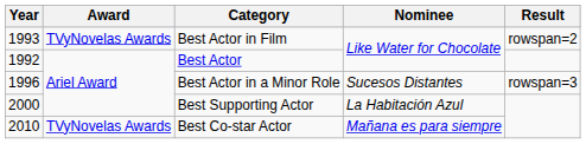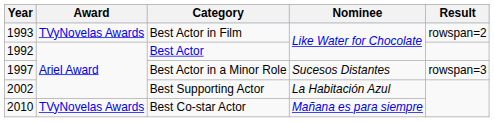 <table class="wikitable">
 <tr style="background:#b0c4de;">
 <th>Year</th>
 <th>Award</th>
 <th>Category</th>
 <th>Nominee</th>
 <th>Result</th>
 </tr>
 <tr>
 <td>1993</td>
 <td><a href='#'>TVyNovelas Awards</a></td>
 <td>Best Actor in Film</td>
 <td rowspan=2><em><a href='#'>Like Water for Chocolate</a></em></td>
 <td>rowspan=2 </td>
 </tr>
 <tr>
 <td>1992</td>
 <td rowspan=3><a href='#'>Ariel Award</a></td>
 <td><a href='#'>Best Actor</a></td>
 </tr>
 <tr>
-<td>1996</td>
+<td>1997</td>
 <td>Best Actor in a Minor Role</td>
 <td><em> Sucesos Distantes</em></td>
 <td>rowspan=3 </td>
 </tr>
 <tr>
-<td>2000</td>
+<td>2002</td>
 <td>Best Supporting Actor</td>
 <td><em>La Habitación Azul</em></td>
 </tr>
 <tr>
 <td>2010</td>
 <td><a href='#'>TVyNovelas Awards</a></td>
 <td>Best Co-star Actor</td>
 <td><em><a href='#'>Mañana es para siempre</a></em></td>
 </tr>
 </table>
